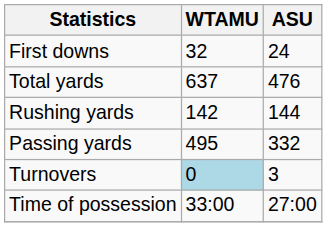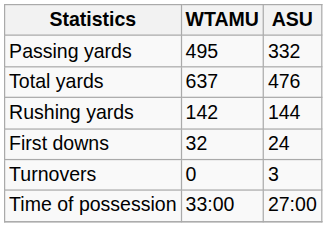 <table class="wikitable">
 <tr>
 <th>Statistics</th>
 <th>WTAMU</th>
 <th>ASU</th>
 </tr>
 <tr>
-<td>First downs</td>
-<td>32</td>
-<td>24</td>
+<td>Passing yards</td>
+<td>495</td>
+<td>332</td>
 </tr>
 <tr>
 <td>Total yards</td>
 <td>637</td>
 <td>476</td>
 </tr>
 <tr>
 <td>Rushing yards</td>
 <td>142</td>
 <td>144</td>
 </tr>
 <tr>
-<td>Passing yards</td>
-<td>495</td>
-<td>332</td>
+<td>First downs</td>
+<td>32</td>
+<td>24</td>
 </tr>
 <tr>
 <td>Turnovers</td>
-<td style="background: lightblue;">0</td>
+<td>0</td>
 <td>3</td>
 </tr>
 <tr>
 <td>Time of possession</td>
 <td>33:00</td>
 <td>27:00</td>
 </tr>
 <tr>
 </tr>
 </table>
